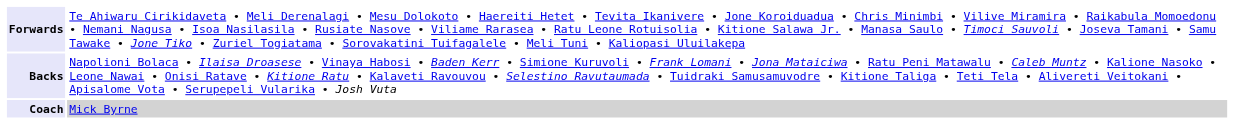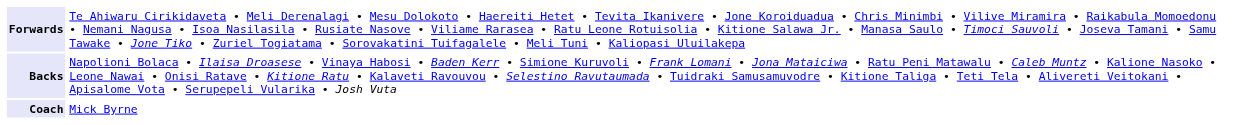 <table cellpadding="2" style="border: 1px solid white; font-size:90%">
 <tr>
 <td style="text-align:right;" bgcolor="lavender"><strong>Forwards</strong></td>
 <td style="text-align:left;"><a href='#'>Te Ahiwaru Cirikidaveta</a> • <a href='#'>Meli Derenalagi</a> • <a href='#'>Mesu Dolokoto</a> • <a href='#'>Haereiti Hetet</a> • <a href='#'>Tevita Ikanivere</a> • <a href='#'>Jone Koroiduadua</a> • <a href='#'>Chris Minimbi</a> • <a href='#'>Vilive Miramira</a> • <a href='#'>Raikabula Momoedonu</a> • <a href='#'>Nemani Nagusa</a> • <a href='#'>Isoa Nasilasila</a> • <a href='#'>Rusiate Nasove</a> • <a href='#'>Viliame Rarasea</a> • <a href='#'>Ratu Leone Rotuisolia</a> • <a href='#'>Kitione Salawa Jr.</a> • <a href='#'>Manasa Saulo</a> • <em><a href='#'>Timoci Sauvoli</a></em> • <a href='#'>Joseva Tamani</a> • <a href='#'>Samu Tawake</a> • <em><a href='#'>Jone Tiko</a></em> • <a href='#'>Zuriel Togiatama</a> • <a href='#'>Sorovakatini Tuifagalele</a> • <a href='#'>Meli Tuni</a> • <a href='#'>Kaliopasi Uluilakepa</a></td>
 </tr>
 <tr>
 <td style="text-align:right;" bgcolor="lavender"><strong>Backs</strong></td>
 <td style="text-align:left;"><a href='#'>Napolioni Bolaca</a> • <em><a href='#'>Ilaisa Droasese</a></em> • <a href='#'>Vinaya Habosi</a> • <em><a href='#'>Baden Kerr</a></em> • <a href='#'>Simione Kuruvoli</a> • <em><a href='#'>Frank Lomani</a></em> • <em><a href='#'>Jona Mataiciwa</a></em> • <a href='#'>Ratu Peni Matawalu</a> • <em><a href='#'>Caleb Muntz</a></em> • <a href='#'>Kalione Nasoko</a> • <a href='#'>Leone Nawai</a> • <a href='#'>Onisi Ratave</a> • <em><a href='#'>Kitione Ratu</a></em> • <a href='#'>Kalaveti Ravouvou</a> • <em><a href='#'>Selestino Ravutaumada</a></em> • <a href='#'>Tuidraki Samusamuvodre</a> • <a href='#'>Kitione Taliga</a> • <a href='#'>Teti Tela</a> • <a href='#'>Alivereti Veitokani</a> • <a href='#'>Apisalome Vota</a> • <a href='#'>Serupepeli Vularika</a> • <em>Josh Vuta</em></td>
 </tr>
 <tr>
 <td style="text-align:right;" bgcolor="lavender"><strong>Coach</strong></td>
-<td style="background: lightgrey; text-align:left;"><a href='#'>Mick Byrne</a></td>
+<td style="text-align:left;"><a href='#'>Mick Byrne</a></td>
 </tr>
 </table>
